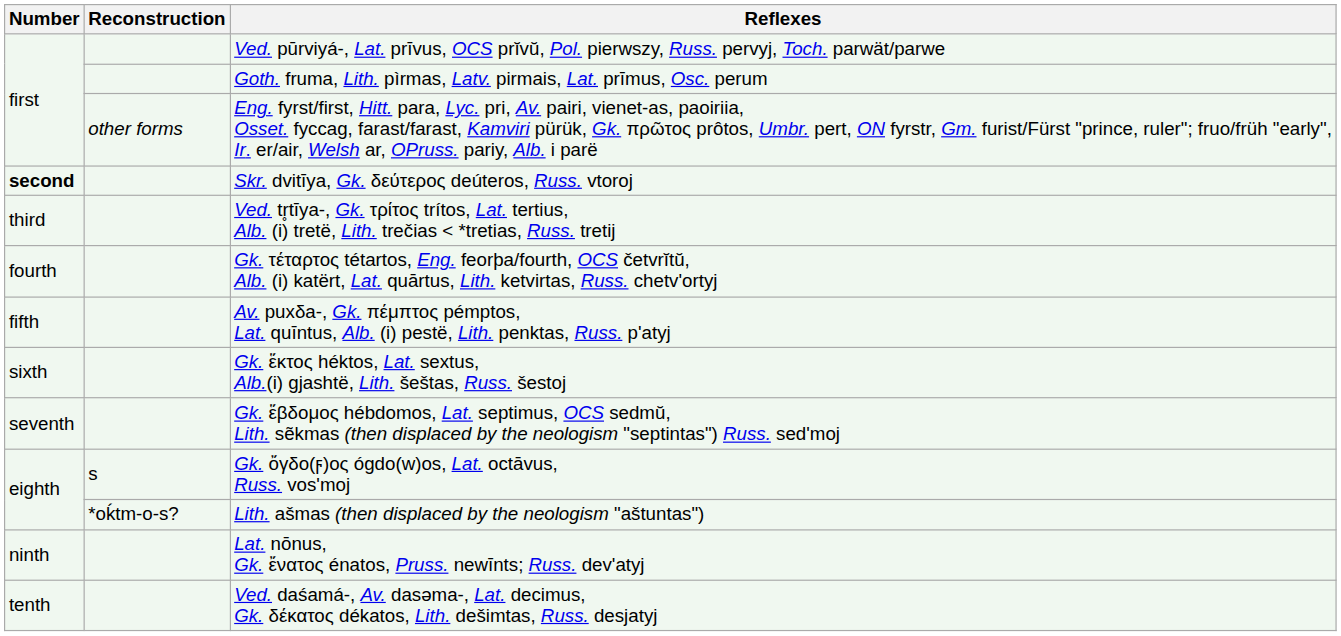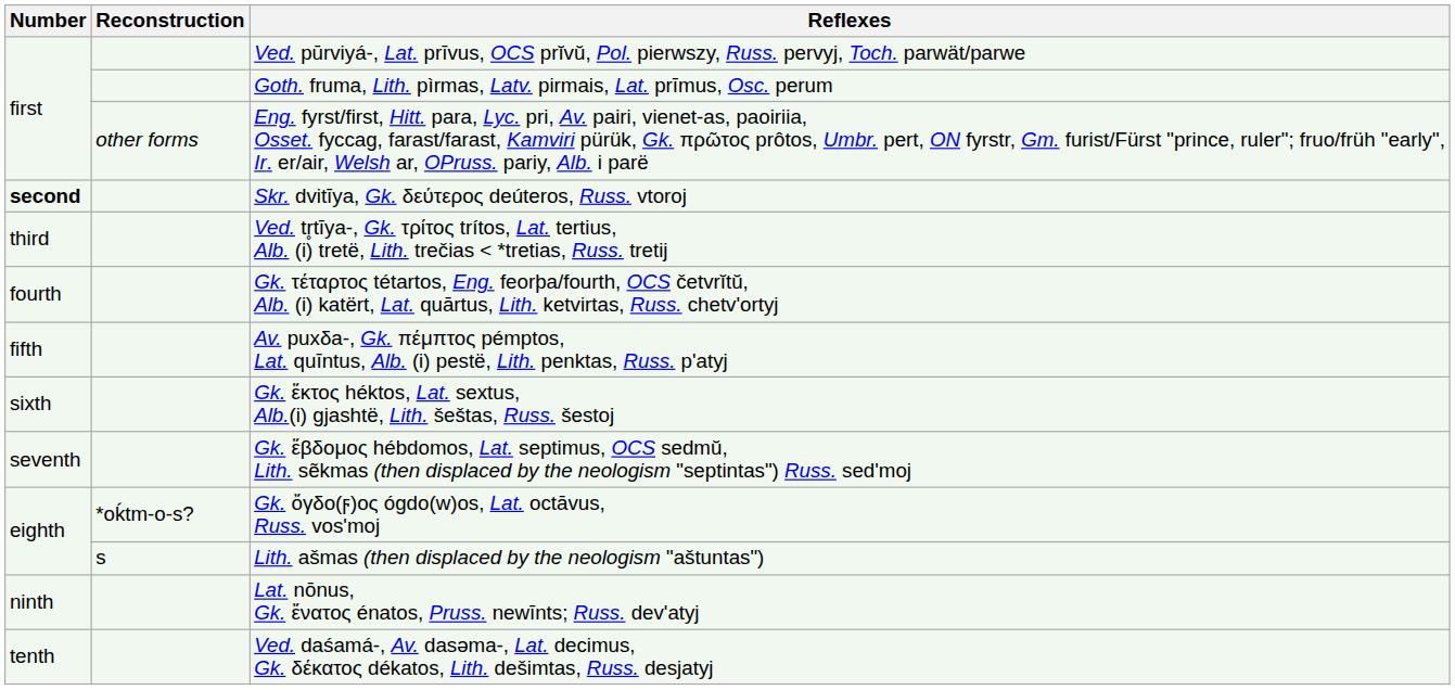 <table class="wikitable" style="background-color:#f0f8f0">
 <tr>
 <th>Number</th>
 <th>Reconstruction</th>
 <th>Reflexes</th>
 </tr>
 <tr>
 <td rowspan="3">first</td>
 <td></td>
 <td><a href='#'><em>Ved.</em></a> pūrviyá-, <a href='#'><em>Lat.</em></a> prīvus, <a href='#'><em>OCS</em></a> prĭvŭ, <a href='#'><em>Pol.</em></a> pierwszy, <a href='#'><em>Russ.</em></a> pervyj, <a href='#'><em>Toch.</em></a> parwät/parwe</td>
 </tr>
 <tr>
 <td></td>
 <td><a href='#'><em>Goth.</em></a> fruma, <a href='#'><em>Lith.</em></a> pìrmas, <a href='#'><em>Latv.</em></a> pirmais, <a href='#'><em>Lat.</em></a> prīmus, <a href='#'><em>Osc.</em></a> perum</td>
 </tr>
 <tr>
 <td><em>other forms</em></td>
 <td><a href='#'><em>Eng.</em></a> fyrst/first, <a href='#'><em>Hitt.</em></a> para, <a href='#'><em>Lyc.</em></a> pri, <a href='#'><em>Av.</em></a> pairi, vienet-as, paoiriia,<br><a href='#'><em>Osset.</em></a> fyccag, farast/farast, <em><a href='#'>Kamviri</a></em> pürük, <a href='#'><em>Gk.</em></a> πρῶτος prôtos, <a href='#'><em>Umbr.</em></a> pert, <a href='#'><em>ON</em></a> fyrstr, <a href='#'><em>Gm.</em></a> furist/Fürst "prince, ruler"; fruo/früh "early",<br><a href='#'><em>Ir</em>.</a> er/air, <a href='#'><em>Welsh</em></a> ar, <a href='#'><em>OPruss.</em></a> pariy, <a href='#'><em>Alb.</em></a> i parë</td>
 </tr>
 <tr>
 <td><strong>second</strong></td>
 <td></td>
 <td><a href='#'><em>Skr.</em></a> dvitīya, <a href='#'><em>Gk.</em></a> δεύτερος deúteros, <a href='#'><em>Russ.</em></a> vtoroj</td>
 </tr>
 <tr>
 <td>third</td>
 <td></td>
 <td><a href='#'><em>Ved.</em></a> tr̥tīya-, <a href='#'><em>Gk.</em></a> τρίτος trítos, <a href='#'><em>Lat.</em></a> tertius,<br><a href='#'><em>Alb.</em></a> (i) tretë, <a href='#'><em>Lith.</em></a> trečias < *tretias, <a href='#'><em>Russ.</em></a> tretij</td>
 </tr>
 <tr>
 <td>fourth</td>
 <td></td>
 <td><a href='#'><em>Gk.</em></a> τέταρτος tétartos, <a href='#'><em>Eng.</em></a> feorþa/fourth, <a href='#'><em>OCS</em></a> četvrĭtŭ,<br><a href='#'><em>Alb.</em></a> (i) katërt, <a href='#'><em>Lat.</em></a> quārtus, <a href='#'><em>Lith.</em></a> ketvirtas, <a href='#'><em>Russ.</em></a> chetv'ortyj</td>
 </tr>
 <tr>
 <td>fifth</td>
 <td></td>
 <td><a href='#'><em>Av.</em></a> puxδa-, <a href='#'><em>Gk.</em></a> πέμπτος pémptos,<br><a href='#'><em>Lat.</em></a> quīntus, <a href='#'><em>Alb.</em></a> (i) pestë, <a href='#'><em>Lith.</em></a> penktas, <a href='#'><em>Russ.</em></a> p'atyj</td>
 </tr>
 <tr>
 <td>sixth</td>
 <td></td>
 <td><a href='#'><em>Gk.</em></a> ἕκτος héktos, <a href='#'><em>Lat.</em></a> sextus,<br><a href='#'><em>Alb.</em></a>(i) gjashtë, <a href='#'><em>Lith.</em></a> šeštas, <a href='#'><em>Russ.</em></a> šestoj</td>
 </tr>
 <tr>
 <td>seventh</td>
 <td></td>
 <td><a href='#'><em>Gk.</em></a> ἕβδομος hébdomos, <a href='#'><em>Lat.</em></a> septimus, <a href='#'><em>OCS</em></a> sedmŭ,<br><a href='#'><em>Lith.</em></a> sẽkmas <em>(then displaced by the neologism</em> "septintas") <a href='#'><em>Russ.</em></a> sed'moj</td>
 </tr>
 <tr>
 <td rowspan="2">eighth</td>
-<td>s</td>
+<td>*oḱtm-o-s?</td>
 <td><a href='#'><em>Gk.</em></a> ὄγδο(ϝ)ος ógdo(w)os, <a href='#'><em>Lat.</em></a> octāvus,<br><a href='#'><em>Russ.</em></a> vos'moj</td>
 </tr>
 <tr>
-<td>*oḱtm-o-s?</td>
+<td>s</td>
 <td><a href='#'><em>Lith.</em></a> ašmas <em>(then displaced by the neologism</em> "aštuntas")</td>
 </tr>
 <tr>
 <td>ninth</td>
 <td></td>
 <td><a href='#'><em>Lat.</em></a> nōnus,<br><a href='#'><em>Gk.</em></a> ἔνατος énatos, <em><a href='#'>Pruss.</a></em> newīnts; <a href='#'><em>Russ.</em></a> dev'atyj</td>
 </tr>
 <tr>
 <td>tenth</td>
 <td></td>
 <td><a href='#'><em>Ved.</em></a> daśamá-, <a href='#'><em>Av.</em></a> dasəma-, <a href='#'><em>Lat.</em></a> decimus,<br><a href='#'><em>Gk.</em></a> δέκατος dékatos, <a href='#'><em>Lith.</em></a> dešimtas, <a href='#'><em>Russ.</em></a> desjatyj</td>
 </tr>
 </table>
